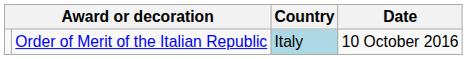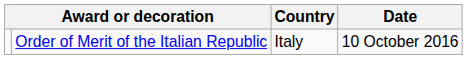 <table class="wikitable" style="text-align:left;">
 <tr>
 <th colspan="2">Award or decoration</th>
 <th>Country</th>
 <th>Date</th>
 </tr>
 <tr>
 <td></td>
 <td><a href='#'>Order of Merit of the Italian Republic</a></td>
-<td style="background: lightblue;">Italy</td>
+<td>Italy</td>
 <td>10 October 2016</td>
 </tr>
 </table>
